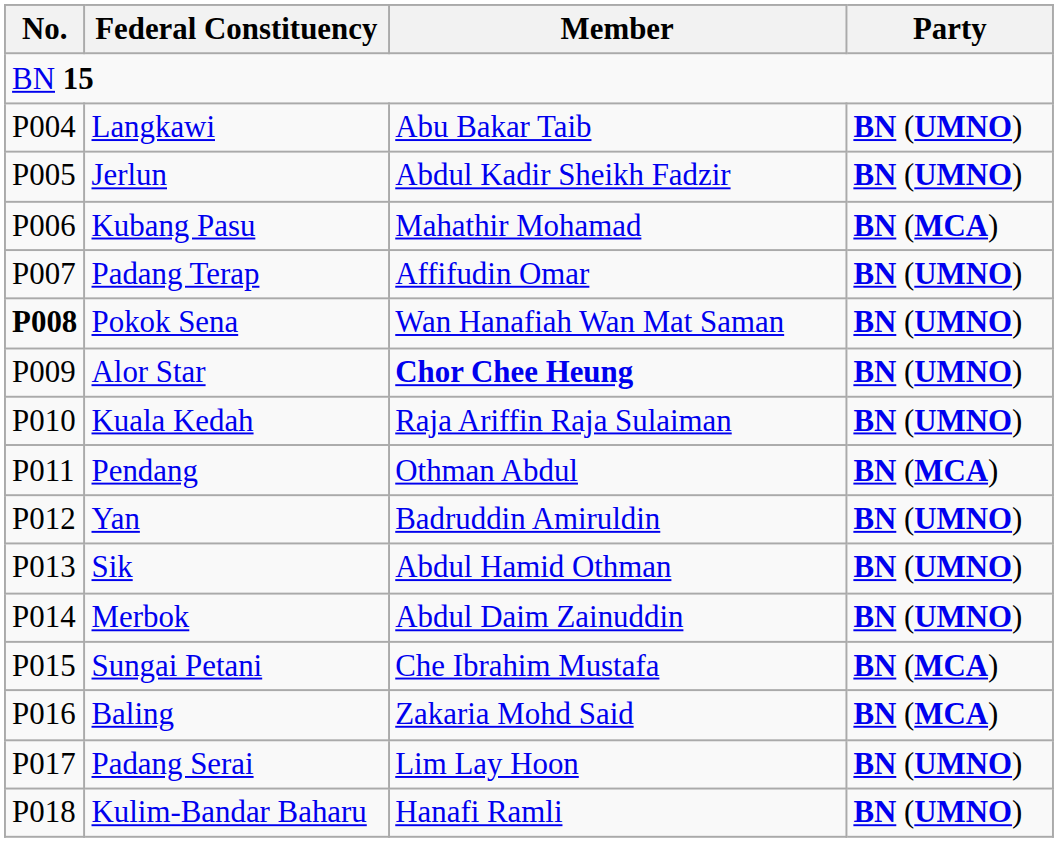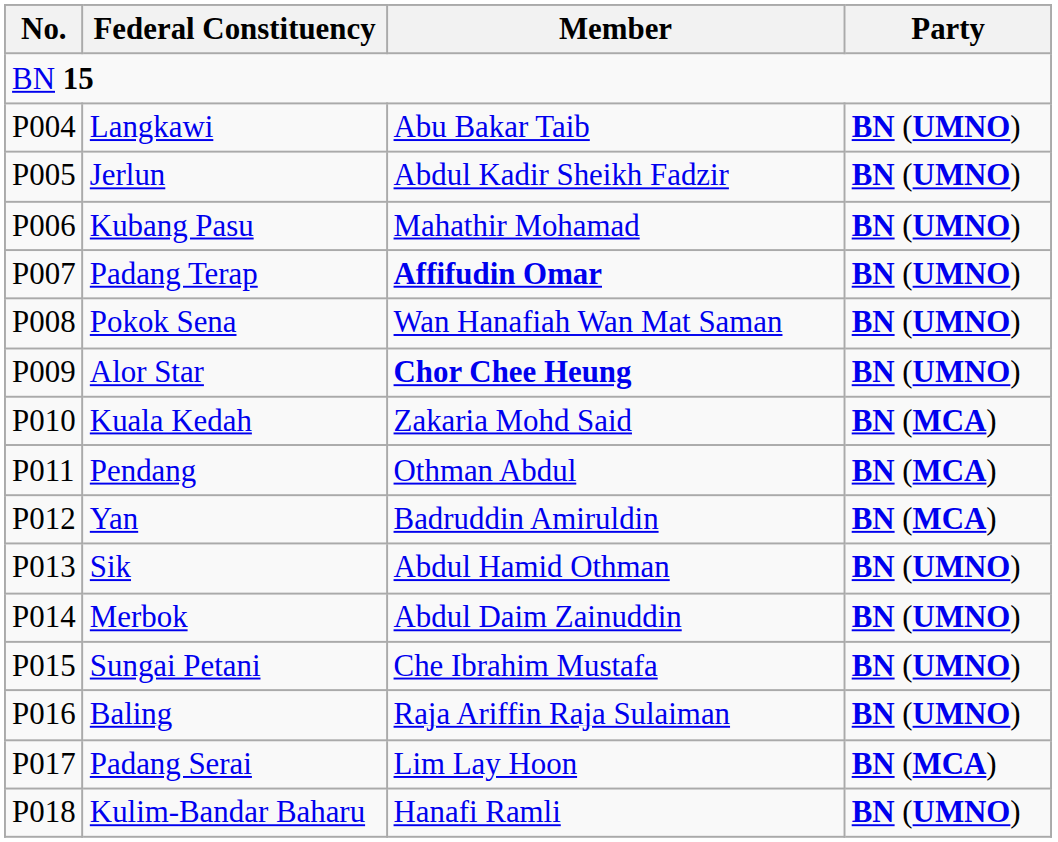 <table class="wikitable sortable">
 <tr>
 <th style="width:30px;">No.</th>
 <th style="width:150px;">Federal Constituency</th>
 <th style="width:230px;">Member</th>
 <th style="width:100px;">Party</th>
 </tr>
 <tr>
 <td colspan="4"><a href='#'>BN</a> <strong>15</strong></td>
 </tr>
 <tr>
 <td>P004</td>
 <td><a href='#'>Langkawi</a></td>
 <td><a href='#'>Abu Bakar Taib</a></td>
 <td><strong><a href='#'>BN</a></strong> (<strong><a href='#'>UMNO</a></strong>)</td>
 </tr>
 <tr>
 <td>P005</td>
 <td><a href='#'>Jerlun</a></td>
 <td><a href='#'>Abdul Kadir Sheikh Fadzir</a></td>
 <td><strong><a href='#'>BN</a></strong> (<strong><a href='#'>UMNO</a></strong>)</td>
 </tr>
 <tr>
 <td>P006</td>
 <td><a href='#'>Kubang Pasu</a></td>
 <td><a href='#'>Mahathir Mohamad</a></td>
-<td><strong><a href='#'>BN</a></strong> (<strong><a href='#'>MCA</a></strong>)</td>
+<td><strong><a href='#'>BN</a></strong> (<strong><a href='#'>UMNO</a></strong>)</td>
 </tr>
 <tr>
 <td>P007</td>
 <td><a href='#'>Padang Terap</a></td>
-<td><a href='#'>Affifudin Omar</a></td>
+<td><strong><a href='#'>Affifudin Omar</a></strong></td>
 <td><strong><a href='#'>BN</a></strong> (<strong><a href='#'>UMNO</a></strong>)</td>
 </tr>
 <tr>
-<td><strong>P008</strong></td>
+<td>P008</td>
 <td><a href='#'>Pokok Sena</a></td>
 <td><a href='#'>Wan Hanafiah Wan Mat Saman</a></td>
 <td><strong><a href='#'>BN</a></strong> (<strong><a href='#'>UMNO</a></strong>)</td>
 </tr>
 <tr>
 <td>P009</td>
 <td><a href='#'>Alor Star</a></td>
 <td><strong><a href='#'>Chor Chee Heung</a></strong></td>
 <td><strong><a href='#'>BN</a></strong> (<strong><a href='#'>UMNO</a></strong>)</td>
 </tr>
 <tr>
 <td>P010</td>
 <td><a href='#'>Kuala Kedah</a></td>
-<td><a href='#'>Raja Ariffin Raja Sulaiman</a></td>
-<td><strong><a href='#'>BN</a></strong> (<strong><a href='#'>UMNO</a></strong>)</td>
+<td><a href='#'>Zakaria Mohd Said</a></td>
+<td><strong><a href='#'>BN</a></strong> (<strong><a href='#'>MCA</a></strong>)</td>
 </tr>
 <tr>
 <td>P011</td>
 <td><a href='#'>Pendang</a></td>
 <td><a href='#'>Othman Abdul</a></td>
 <td><strong><a href='#'>BN</a></strong> (<strong><a href='#'>MCA</a></strong>)</td>
 </tr>
 <tr>
 <td>P012</td>
 <td><a href='#'>Yan</a></td>
 <td><a href='#'>Badruddin Amiruldin</a></td>
-<td><strong><a href='#'>BN</a></strong> (<strong><a href='#'>UMNO</a></strong>)</td>
+<td><strong><a href='#'>BN</a></strong> (<strong><a href='#'>MCA</a></strong>)</td>
 </tr>
 <tr>
 <td>P013</td>
 <td><a href='#'>Sik</a></td>
 <td><a href='#'>Abdul Hamid Othman</a></td>
 <td><strong><a href='#'>BN</a></strong> (<strong><a href='#'>UMNO</a></strong>)</td>
 </tr>
 <tr>
 <td>P014</td>
 <td><a href='#'>Merbok</a></td>
 <td><a href='#'>Abdul Daim Zainuddin</a></td>
 <td><strong><a href='#'>BN</a></strong> (<strong><a href='#'>UMNO</a></strong>)</td>
 </tr>
 <tr>
 <td>P015</td>
 <td><a href='#'>Sungai Petani</a></td>
 <td><a href='#'>Che Ibrahim Mustafa</a></td>
-<td><strong><a href='#'>BN</a></strong> (<strong><a href='#'>MCA</a></strong>)</td>
+<td><strong><a href='#'>BN</a></strong> (<strong><a href='#'>UMNO</a></strong>)</td>
 </tr>
 <tr>
 <td>P016</td>
 <td><a href='#'>Baling</a></td>
-<td><a href='#'>Zakaria Mohd Said</a></td>
-<td><strong><a href='#'>BN</a></strong> (<strong><a href='#'>MCA</a></strong>)</td>
+<td><a href='#'>Raja Ariffin Raja Sulaiman</a></td>
+<td><strong><a href='#'>BN</a></strong> (<strong><a href='#'>UMNO</a></strong>)</td>
 </tr>
 <tr>
 <td>P017</td>
 <td><a href='#'>Padang Serai</a></td>
 <td><a href='#'>Lim Lay Hoon</a></td>
-<td><strong><a href='#'>BN</a></strong> (<strong><a href='#'>UMNO</a></strong>)</td>
+<td><strong><a href='#'>BN</a></strong> (<strong><a href='#'>MCA</a></strong>)</td>
 </tr>
 <tr>
 <td>P018</td>
 <td><a href='#'>Kulim-Bandar Baharu</a></td>
 <td><a href='#'>Hanafi Ramli</a></td>
 <td><strong><a href='#'>BN</a></strong> (<strong><a href='#'>UMNO</a></strong>)</td>
 </tr>
 </table>
